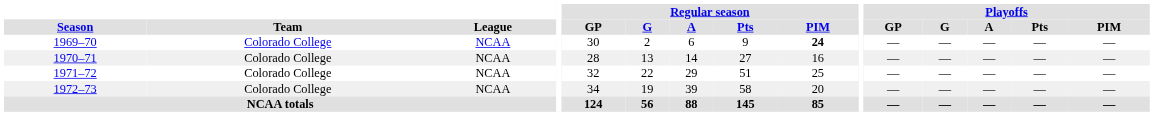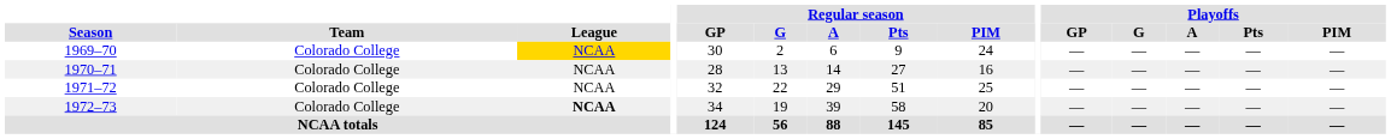 <table border="0" cellpadding="1" cellspacing="0" style="text-align:center; width:75%">
 <tr bgcolor="#e0e0e0">
 <th colspan="3" bgcolor="#ffffff"></th>
 <th rowspan="99" bgcolor="#ffffff"></th>
 <th colspan="5"><a href='#'>Regular season</a></th>
 <th rowspan="99" bgcolor="#ffffff"></th>
 <th colspan="5"><a href='#'>Playoffs</a></th>
 </tr>
 <tr bgcolor="#e0e0e0">
 <th><a href='#'>Season</a></th>
 <th>Team</th>
 <th>League</th>
 <th>GP</th>
 <th><a href='#'>G</a></th>
 <th><a href='#'>A</a></th>
 <th><a href='#'>Pts</a></th>
 <th><a href='#'>PIM</a></th>
 <th>GP</th>
 <th>G</th>
 <th>A</th>
 <th>Pts</th>
 <th>PIM</th>
 </tr>
 <tr ALIGN="center">
 <td><a href='#'>1969–70</a></td>
 <td><a href='#'>Colorado College</a></td>
-<td><a href='#'>NCAA</a></td>
+<td style="background: gold;"><a href='#'>NCAA</a></td>
 <td>30</td>
 <td>2</td>
 <td>6</td>
 <td>9</td>
-<td><strong>24</strong></td>
+<td>24</td>
 <td>—</td>
 <td>—</td>
 <td>—</td>
 <td>—</td>
 <td>—</td>
 </tr>
 <tr ALIGN="center" bgcolor="#f0f0f0">
 <td><a href='#'>1970–71</a></td>
 <td>Colorado College</td>
 <td>NCAA</td>
 <td>28</td>
 <td>13</td>
 <td>14</td>
 <td>27</td>
 <td>16</td>
 <td>—</td>
 <td>—</td>
 <td>—</td>
 <td>—</td>
 <td>—</td>
 </tr>
 <tr ALIGN="center">
 <td><a href='#'>1971–72</a></td>
 <td>Colorado College</td>
 <td>NCAA</td>
 <td>32</td>
 <td>22</td>
 <td>29</td>
 <td>51</td>
 <td>25</td>
 <td>—</td>
 <td>—</td>
 <td>—</td>
 <td>—</td>
 <td>—</td>
 </tr>
 <tr ALIGN="center" bgcolor="#f0f0f0">
 <td><a href='#'>1972–73</a></td>
 <td>Colorado College</td>
-<td>NCAA</td>
+<td><strong>NCAA</strong></td>
 <td>34</td>
 <td>19</td>
 <td>39</td>
 <td>58</td>
 <td>20</td>
 <td>—</td>
 <td>—</td>
 <td>—</td>
 <td>—</td>
 <td>—</td>
 </tr>
 <tr bgcolor="#e0e0e0">
 <th colspan="3">NCAA totals</th>
 <th>124</th>
 <th>56</th>
 <th>88</th>
 <th>145</th>
 <th>85</th>
 <th>—</th>
 <th>—</th>
 <th>—</th>
 <th>—</th>
 <th>—</th>
 </tr>
 </table>
